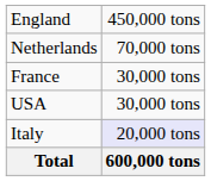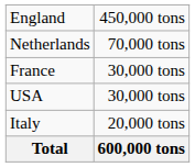 <table class="wikitable" style="margin-left: auto; margin-right: auto; border: none;">
 <tr>
 <td>England</td>
 <td style="text-align:right;">450,000 tons</td>
 </tr>
 <tr>
 <td>Netherlands</td>
 <td style="text-align:right;">70,000 tons</td>
 </tr>
 <tr>
 <td>France</td>
 <td style="text-align:right;">30,000 tons</td>
 </tr>
 <tr>
 <td>USA</td>
 <td style="text-align:right;">30,000 tons</td>
 </tr>
 <tr>
 <td>Italy</td>
-<td style="background: lavender; text-align:right;">20,000 tons</td>
+<td style="text-align:right;">20,000 tons</td>
 </tr>
 <tr>
 <th>Total</th>
 <th style="text-align:right;">600,000 tons</th>
 </tr>
 </table>
